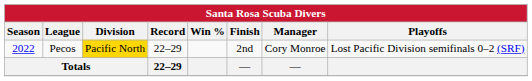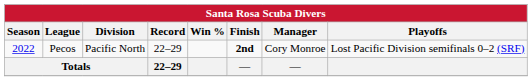 <table class="wikitable">
 <tr>
 <th colspan="8" style="background:#CA1631;color: white">Santa Rosa Scuba Divers</th>
 </tr>
 <tr>
 <th>Season</th>
 <th>League</th>
 <th>Division</th>
 <th>Record</th>
 <th>Win %</th>
 <th>Finish</th>
 <th>Manager</th>
 <th>Playoffs</th>
 </tr>
 <tr align="center">
 <td><a href='#'>2022</a></td>
 <td>Pecos</td>
-<td style="background: gold;">Pacific North</td>
+<td>Pacific North</td>
 <td>22–29</td>
 <td></td>
-<td>2nd</td>
+<td><strong>2nd</strong></td>
 <td>Cory Monroe</td>
 <td>Lost Pacific Division semifinals 0–2 <a href='#'>(SRF)</a></td>
 </tr>
 <tr align="center">
 <th colspan="3">Totals</th>
 <th>22–29</th>
 <th></th>
 <th>—</th>
 <th>—</th>
 <th></th>
 </tr>
 <tr>
 </tr>
 </table>
